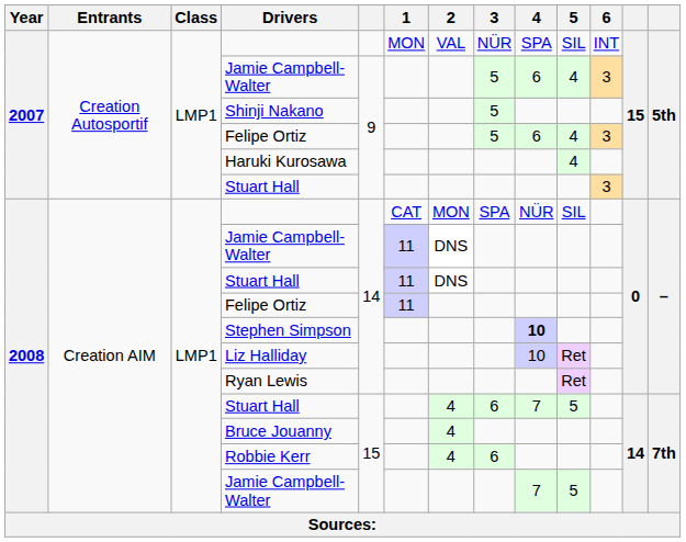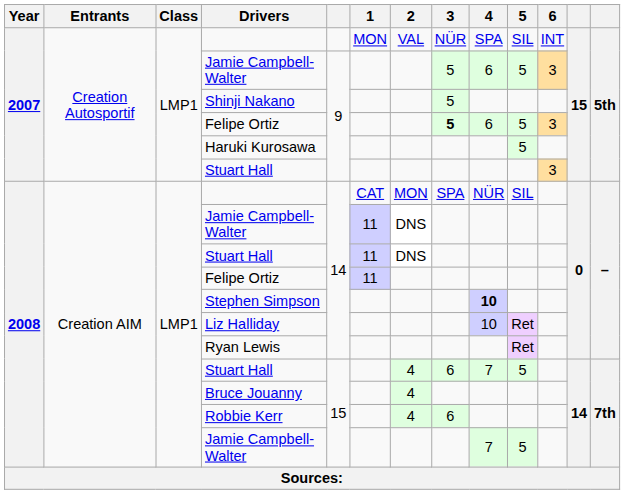 <table class="wikitable" style="text-align:center; font-size:90%">
 <tr>
 <th>Year</th>
 <th>Entrants</th>
 <th>Class</th>
 <th>Drivers</th>
 <th></th>
 <th>1</th>
 <th>2</th>
 <th>3</th>
 <th>4</th>
 <th>5</th>
 <th>6</th>
 <th></th>
 <th></th>
 </tr>
 <tr>
 <th rowspan="6"><a href='#'>2007</a></th>
 <td rowspan="6"><a href='#'>Creation Autosportif</a></td>
 <td rowspan="6">LMP1</td>
 <td></td>
 <td></td>
 <td><a href='#'>MON</a></td>
 <td><a href='#'>VAL</a></td>
 <td><a href='#'>NÜR</a></td>
 <td><a href='#'>SPA</a></td>
 <td><a href='#'>SIL</a></td>
 <td><a href='#'>INT</a></td>
 <th rowspan="6">15</th>
 <th rowspan="6">5th</th>
 </tr>
 <tr>
 <td align="left"> <a href='#'>Jamie Campbell-Walter</a></td>
 <td rowspan="5">9</td>
 <td></td>
 <td></td>
 <td align="center" style="background:#DFFFDF;">5</td>
 <td align="center" style="background:#DFFFDF;">6</td>
-<td align="center" style="background:#DFFFDF;">4</td>
+<td align="center" style="background:#DFFFDF;">5</td>
 <td align="center" style="background:#FFDF9F;">3</td>
 </tr>
 <tr>
 <td align="left"> <a href='#'>Shinji Nakano</a></td>
 <td></td>
 <td></td>
 <td align="center" style="background:#DFFFDF;">5</td>
 <td></td>
 <td></td>
 <td></td>
 </tr>
 <tr>
 <td align="left"> Felipe Ortiz</td>
 <td></td>
 <td></td>
+<td align="center" style="background:#DFFFDF;"><strong>5</strong></td>
+<td align="center" style="background:#DFFFDF;">6</td>
 <td align="center" style="background:#DFFFDF;">5</td>
-<td align="center" style="background:#DFFFDF;">6</td>
-<td align="center" style="background:#DFFFDF;">4</td>
 <td align="center" style="background:#FFDF9F;">3</td>
 </tr>
 <tr>
 <td align="left"> Haruki Kurosawa</td>
 <td></td>
 <td></td>
 <td></td>
 <td></td>
-<td align="center" style="background:#DFFFDF;">4</td>
+<td align="center" style="background:#DFFFDF;">5</td>
 <td></td>
 </tr>
 <tr>
 <td align="left"> <a href='#'>Stuart Hall</a></td>
 <td></td>
 <td></td>
 <td></td>
 <td></td>
 <td></td>
 <td align="center" style="background:#FFDF9F;">3</td>
 </tr>
 <tr>
 <th rowspan="11"><a href='#'>2008</a></th>
 <td rowspan="11">Creation AIM</td>
 <td rowspan="11">LMP1</td>
 <td></td>
 <td rowspan="7">14</td>
 <td><a href='#'>CAT</a></td>
 <td><a href='#'>MON</a></td>
 <td><a href='#'>SPA</a></td>
 <td><a href='#'>NÜR</a></td>
 <td><a href='#'>SIL</a></td>
 <td></td>
 <th rowspan="7">0</th>
 <th rowspan="7">–</th>
 </tr>
 <tr>
 <td align="left "> <a href='#'>Jamie Campbell-Walter</a></td>
 <td align="center" style="background:#CFCFFF;">11</td>
 <td align="center" style="background:#FFFFFF;">DNS</td>
 <td></td>
 <td></td>
 <td></td>
 <td></td>
 </tr>
 <tr>
 <td align="left "> <a href='#'>Stuart Hall</a></td>
 <td align="center" style="background:#CFCFFF;">11</td>
 <td align="center" style="background:#FFFFFF;">DNS</td>
 <td></td>
 <td></td>
 <td></td>
 <td></td>
 </tr>
 <tr>
 <td align="left "> Felipe Ortiz</td>
 <td align="center" style="background:#CFCFFF;">11</td>
 <td></td>
 <td></td>
 <td></td>
 <td></td>
 <td></td>
 </tr>
 <tr>
 <td align="left "> <a href='#'>Stephen Simpson</a></td>
 <td></td>
 <td></td>
 <td></td>
 <td align="center" style="background:#CFCFFF;"><strong>10</strong></td>
 <td></td>
 <td></td>
 </tr>
 <tr>
 <td align="left"> <a href='#'>Liz Halliday</a></td>
 <td></td>
 <td></td>
 <td></td>
 <td align="center" style="background:#CFCFFF;">10</td>
 <td align="center" style="background:#EFCFFF;">Ret</td>
 <td></td>
 </tr>
 <tr>
 <td align="left"> Ryan Lewis</td>
 <td></td>
 <td></td>
 <td></td>
 <td></td>
 <td align="center" style="background:#EFCFFF;">Ret</td>
 <td></td>
 </tr>
 <tr>
 <td align="left "> <a href='#'>Stuart Hall</a></td>
 <td rowspan="4">15</td>
 <td></td>
 <td align="center" style="background:#DFFFDF;">4</td>
 <td align="center" style="background:#DFFFDF;">6</td>
 <td align="center" style="background:#DFFFDF;">7</td>
 <td align="center" style="background:#DFFFDF;">5</td>
 <td></td>
 <th rowspan="4">14</th>
 <th rowspan="4">7th</th>
 </tr>
 <tr>
 <td align="left "> <a href='#'>Bruce Jouanny</a></td>
 <td></td>
 <td align="center" style="background:#DFFFDF;">4</td>
 <td></td>
 <td></td>
 <td></td>
 <td></td>
 </tr>
 <tr>
 <td align="left "> <a href='#'>Robbie Kerr</a></td>
 <td></td>
 <td align="center" style="background:#DFFFDF;">4</td>
 <td align="center" style="background:#DFFFDF;">6</td>
 <td></td>
 <td></td>
 <td></td>
 </tr>
 <tr>
 <td align="left "> <a href='#'>Jamie Campbell-Walter</a></td>
 <td></td>
 <td></td>
 <td></td>
 <td align="center" style="background:#DFFFDF;">7</td>
 <td align="center" style="background:#DFFFDF;">5</td>
 <td></td>
 </tr>
 <tr>
 <th colspan="14">Sources:</th>
 </tr>
 </table>
